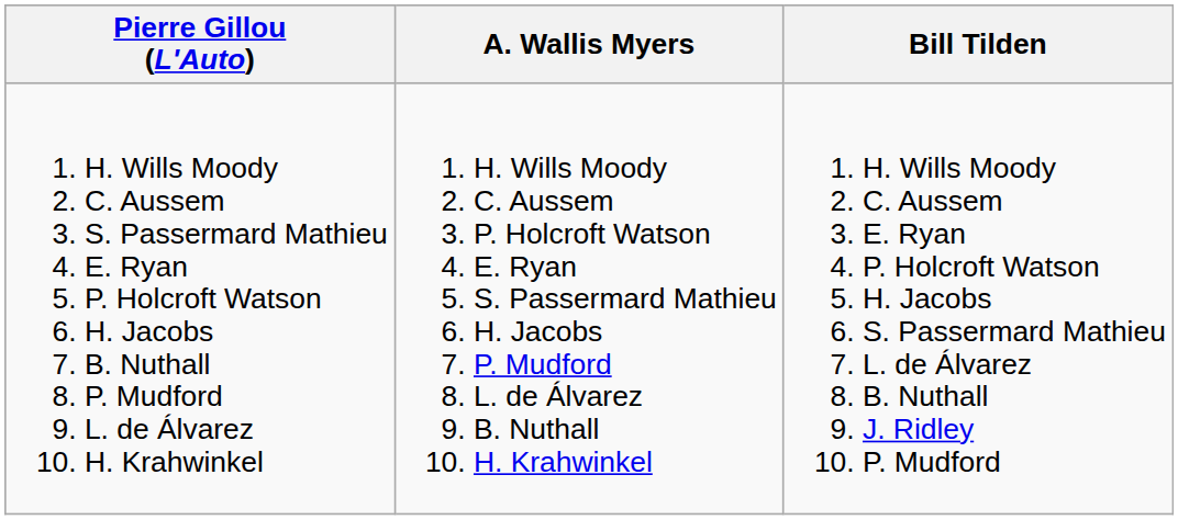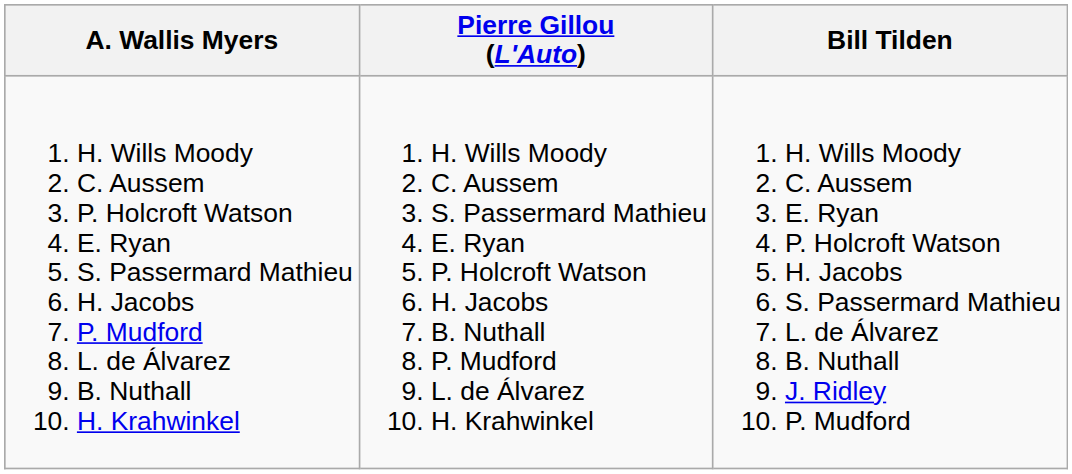 <table class="wikitable">
 <tr>
+<th>A. Wallis Myers</th>
 <th><a href='#'>Pierre Gillou</a><br>(<em><a href='#'>L'Auto</a></em>)</th>
-<th>A. Wallis Myers</th>
 <th>Bill Tilden</th>
 </tr>
 <tr style="vertical-align: top;">
+<td style="white-space: nowrap;"><br><ol><li> H. Wills Moody</li><li> C. Aussem</li><li> P. Holcroft Watson</li><li> E. Ryan</li><li> S. Passermard Mathieu</li><li> H. Jacobs</li><li> <a href='#'>P. Mudford</a></li><li> L. de Álvarez</li><li> B. Nuthall</li><li> <a href='#'>H. Krahwinkel</a></li></ol></td>
 <td style="white-space: nowrap;"><br><ol><li> H. Wills Moody</li><li> C. Aussem</li><li> S. Passermard Mathieu</li><li> E. Ryan</li><li> P. Holcroft Watson</li><li> H. Jacobs</li><li> B. Nuthall</li><li> P. Mudford</li><li> L. de Álvarez</li><li> H. Krahwinkel</li></ol></td>
-<td style="white-space: nowrap;"><br><ol><li> H. Wills Moody</li><li> C. Aussem</li><li> P. Holcroft Watson</li><li> E. Ryan</li><li> S. Passermard Mathieu</li><li> H. Jacobs</li><li> <a href='#'>P. Mudford</a></li><li> L. de Álvarez</li><li> B. Nuthall</li><li> <a href='#'>H. Krahwinkel</a></li></ol></td>
 <td style="white-space: nowrap;"><br><ol><li> H. Wills Moody</li><li> C. Aussem</li><li> E. Ryan</li><li> P. Holcroft Watson</li><li> H. Jacobs</li><li> S. Passermard Mathieu</li><li> L. de Álvarez</li><li> B. Nuthall</li><li> <a href='#'>J. Ridley</a></li><li> P. Mudford</li></ol></td>
 </tr>
 </table>
